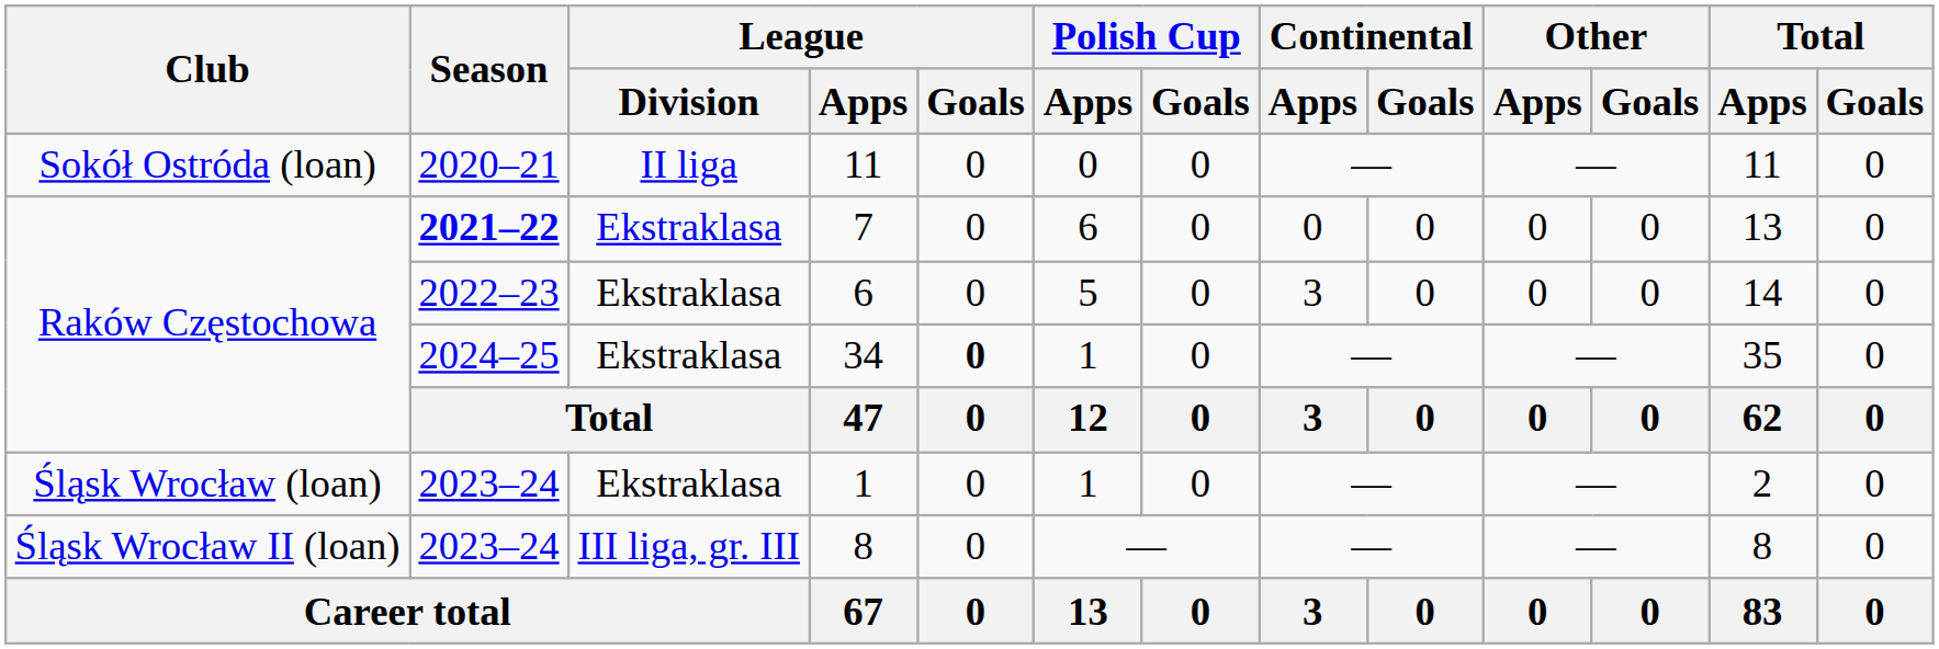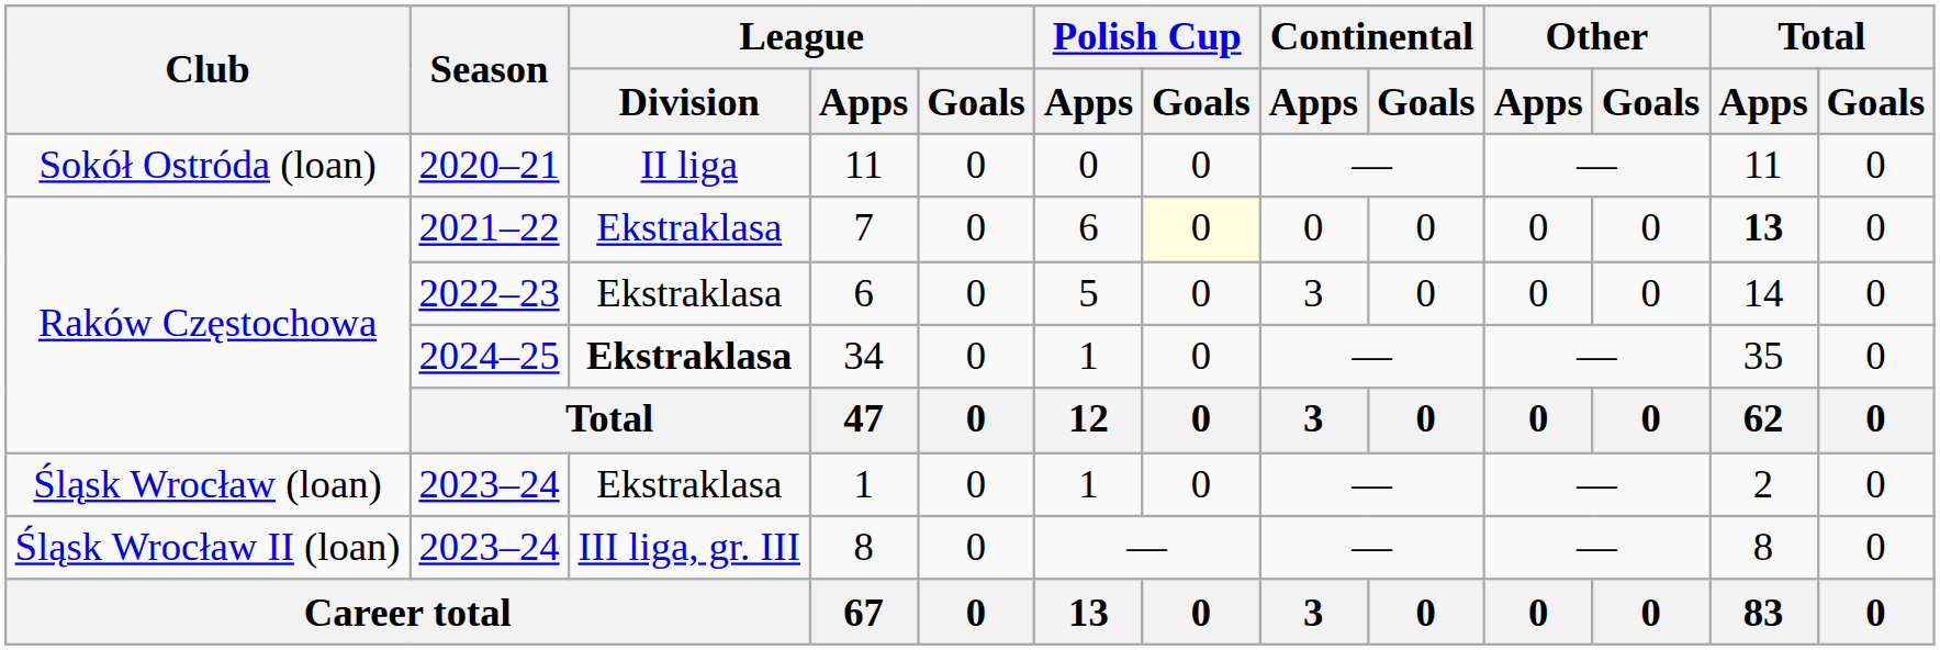 <table class="wikitable" style="text-align: center;">
 <tr>
 <th rowspan="2">Club</th>
 <th rowspan="2">Season</th>
 <th colspan="3">League</th>
 <th colspan="2"><a href='#'>Polish Cup</a></th>
 <th colspan="2">Continental</th>
 <th colspan="2">Other</th>
 <th colspan="2">Total</th>
 </tr>
 <tr>
 <th>Division</th>
 <th>Apps</th>
 <th>Goals</th>
 <th>Apps</th>
 <th>Goals</th>
 <th>Apps</th>
 <th>Goals</th>
 <th>Apps</th>
 <th>Goals</th>
 <th>Apps</th>
 <th>Goals</th>
 </tr>
 <tr>
 <td><a href='#'>Sokół Ostróda</a> (loan)</td>
 <td><a href='#'>2020–21</a></td>
 <td><a href='#'>II liga</a></td>
 <td>11</td>
 <td>0</td>
 <td>0</td>
 <td>0</td>
 <td colspan="2">—</td>
 <td colspan="2">—</td>
 <td>11</td>
 <td>0</td>
 </tr>
 <tr>
 <td rowspan=4><a href='#'>Raków Częstochowa</a></td>
-<td><strong><a href='#'>2021–22</a></strong></td>
+<td><a href='#'>2021–22</a></td>
 <td><a href='#'>Ekstraklasa</a></td>
 <td>7</td>
 <td>0</td>
 <td>6</td>
+<td style="background: lightyellow;">0</td>
 <td>0</td>
 <td>0</td>
 <td>0</td>
 <td>0</td>
-<td>0</td>
-<td>13</td>
+<td><strong>13</strong></td>
 <td>0</td>
 </tr>
 <tr>
 <td><a href='#'>2022–23</a></td>
 <td>Ekstraklasa</td>
 <td>6</td>
 <td>0</td>
 <td>5</td>
 <td>0</td>
 <td>3</td>
 <td>0</td>
 <td>0</td>
 <td>0</td>
 <td>14</td>
 <td>0</td>
 </tr>
 <tr>
 <td><a href='#'>2024–25</a></td>
-<td>Ekstraklasa</td>
+<td><strong>Ekstraklasa</strong></td>
 <td>34</td>
-<td><strong>0</strong></td>
+<td>0</td>
 <td>1</td>
 <td>0</td>
 <td colspan="2">—</td>
 <td colspan="2">—</td>
 <td>35</td>
 <td>0</td>
 </tr>
 <tr>
 <th colspan="2">Total</th>
 <th>47</th>
 <th>0</th>
 <th>12</th>
 <th>0</th>
 <th>3</th>
 <th>0</th>
 <th>0</th>
 <th>0</th>
 <th>62</th>
 <th>0</th>
 </tr>
 <tr>
 <td><a href='#'>Śląsk Wrocław</a> (loan)</td>
 <td><a href='#'>2023–24</a></td>
 <td>Ekstraklasa</td>
 <td>1</td>
 <td>0</td>
 <td>1</td>
 <td>0</td>
 <td colspan="2">—</td>
 <td colspan="2">—</td>
 <td>2</td>
 <td>0</td>
 </tr>
 <tr>
 <td><a href='#'>Śląsk Wrocław II</a> (loan)</td>
 <td><a href='#'>2023–24</a></td>
 <td><a href='#'>III liga, gr. III</a></td>
 <td>8</td>
 <td>0</td>
 <td colspan="2">—</td>
 <td colspan="2">—</td>
 <td colspan="2">—</td>
 <td>8</td>
 <td>0</td>
 </tr>
 <tr>
 <th colspan="3">Career total</th>
 <th>67</th>
 <th>0</th>
 <th>13</th>
 <th>0</th>
 <th>3</th>
 <th>0</th>
 <th>0</th>
 <th>0</th>
 <th>83</th>
 <th>0</th>
 </tr>
 </table>
